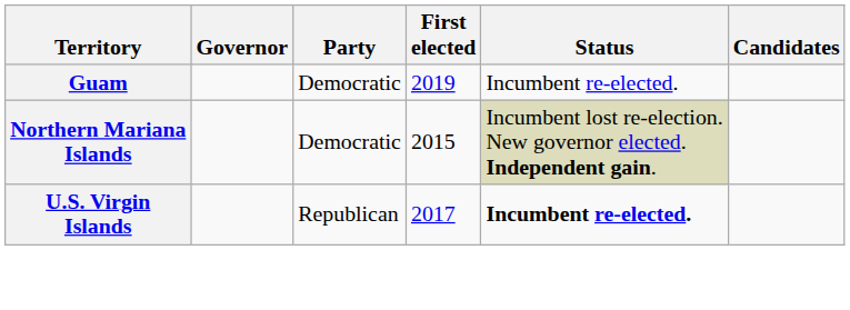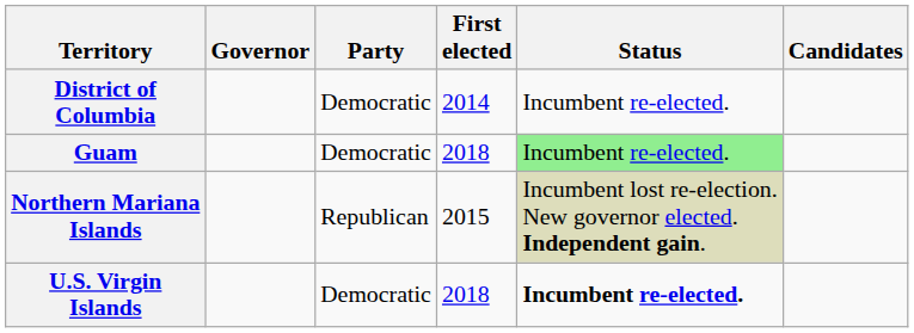 <table class="wikitable sortable">
 <tr valign=bottom>
 <th>Territory</th>
 <th>Governor</th>
 <th>Party</th>
 <th>First<br>elected</th>
 <th>Status</th>
 <th>Candidates</th>
 </tr>
 <tr>
+<th><a href='#'>District of<br>Columbia</a></th>
+<td></td>
+<td style="color:black;background-color:">Democratic</td>
+<td><a href='#'>2014</a></td>
+<td>Incumbent <a href='#'>re-elected</a>.</td>
+<td nowrap></td>
+</tr>
+<tr>
 <th><a href='#'>Guam</a></th>
 <td></td>
 <td style="color:black;background-color:">Democratic</td>
-<td><a href='#'>2019</a></td>
-<td>Incumbent <a href='#'>re-elected</a>.</td>
+<td><a href='#'>2018</a></td>
+<td style="background: lightgreen;">Incumbent <a href='#'>re-elected</a>.</td>
 <td nowrap></td>
 </tr>
 <tr>
 <th><a href='#'>Northern Mariana<br>Islands</a></th>
 <td></td>
-<td style="color:black;background-color:">Democratic</td>
+<td style="background-color:">Republican</td>
 <td>2015</td>
 <td style="background-color:#DDDDBB">Incumbent lost re-election.<br>New governor <a href='#'>elected</a>.<br><strong>Independent gain</strong>.</td>
 <td nowrap></td>
 </tr>
 <tr>
 <th><a href='#'>U.S. Virgin<br>Islands</a></th>
 <td></td>
-<td style="background-color:">Republican</td>
-<td><a href='#'>2017</a></td>
+<td style="color:black;background-color:">Democratic</td>
+<td><a href='#'>2018</a></td>
 <td><strong>Incumbent <a href='#'>re-elected</a>.</strong></td>
 <td nowrap></td>
 </tr>
 </table>
